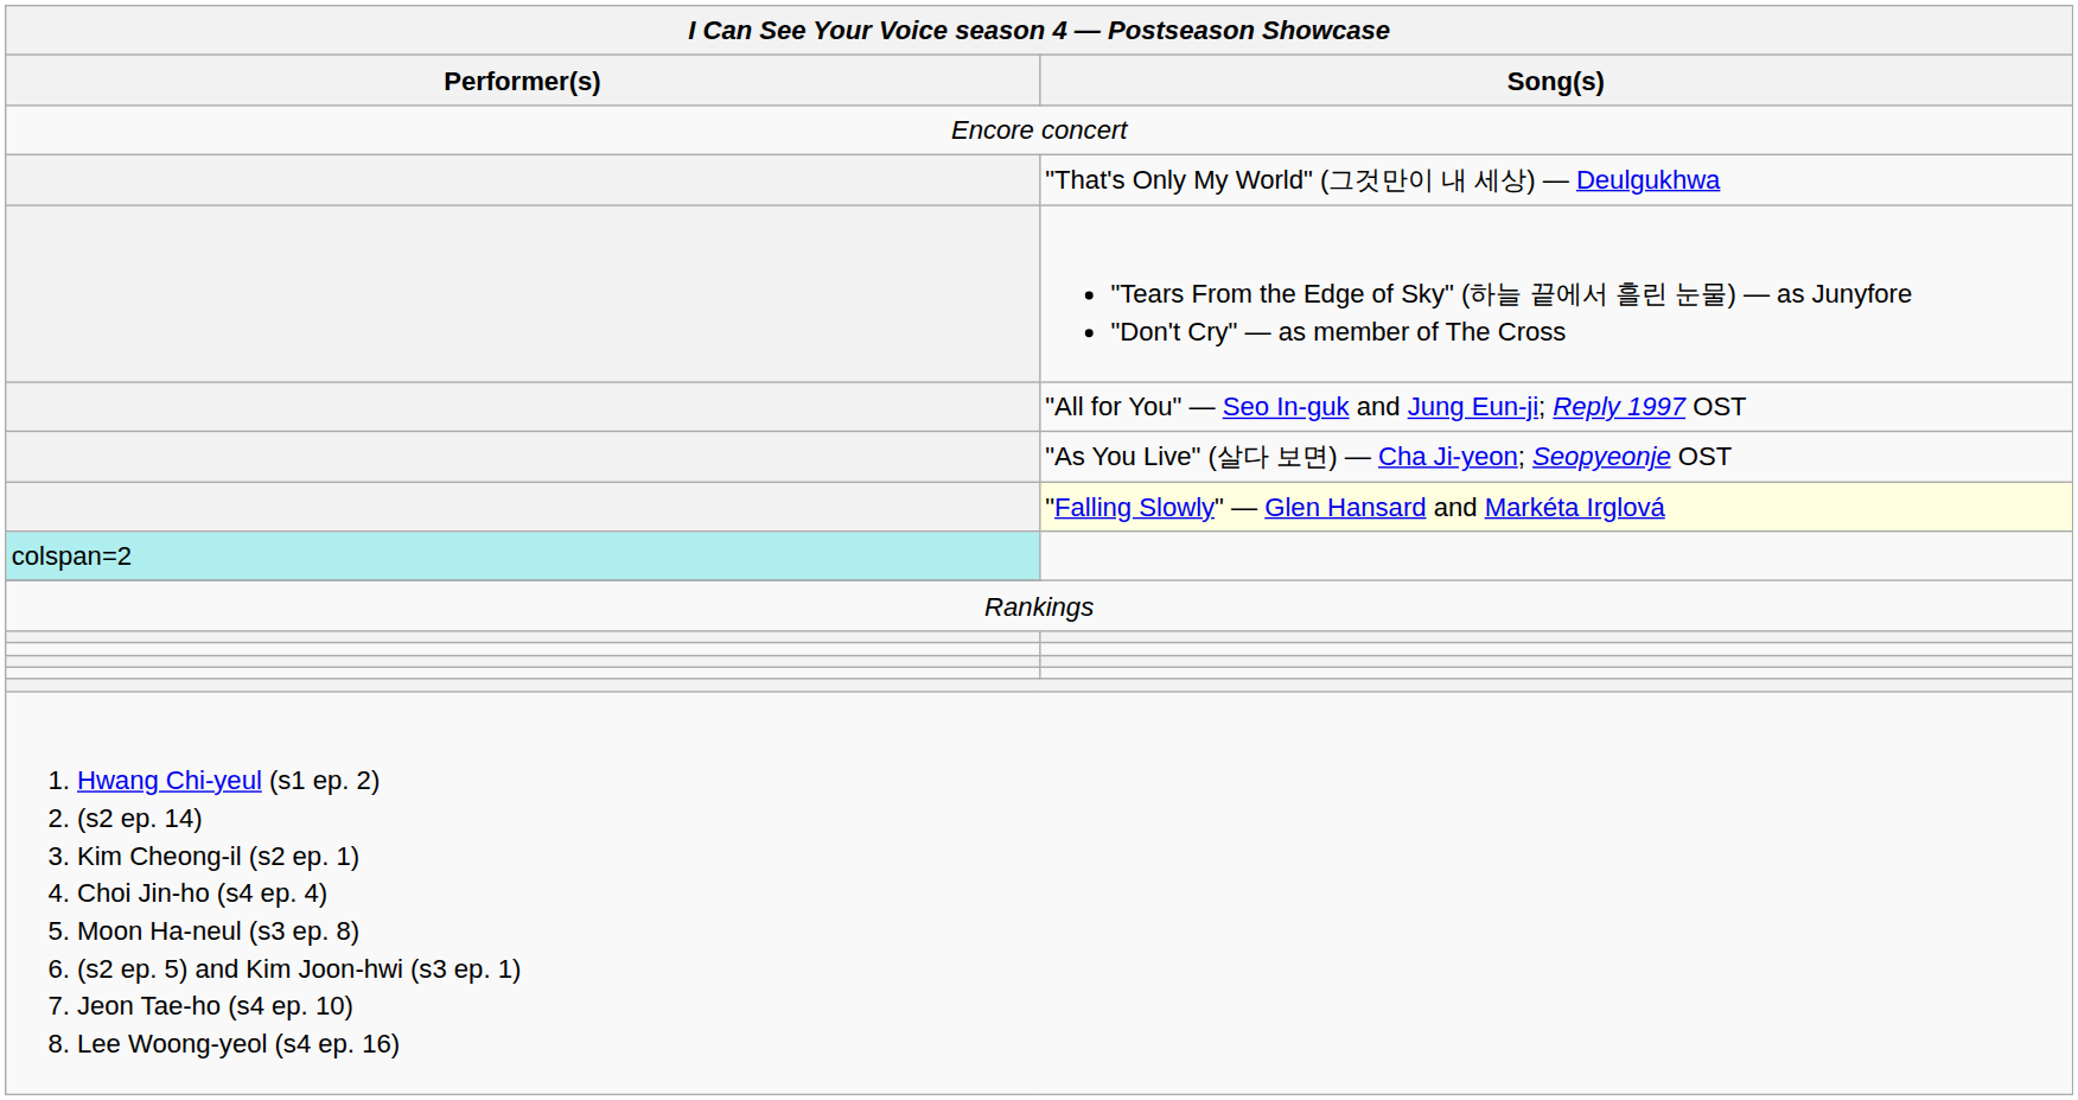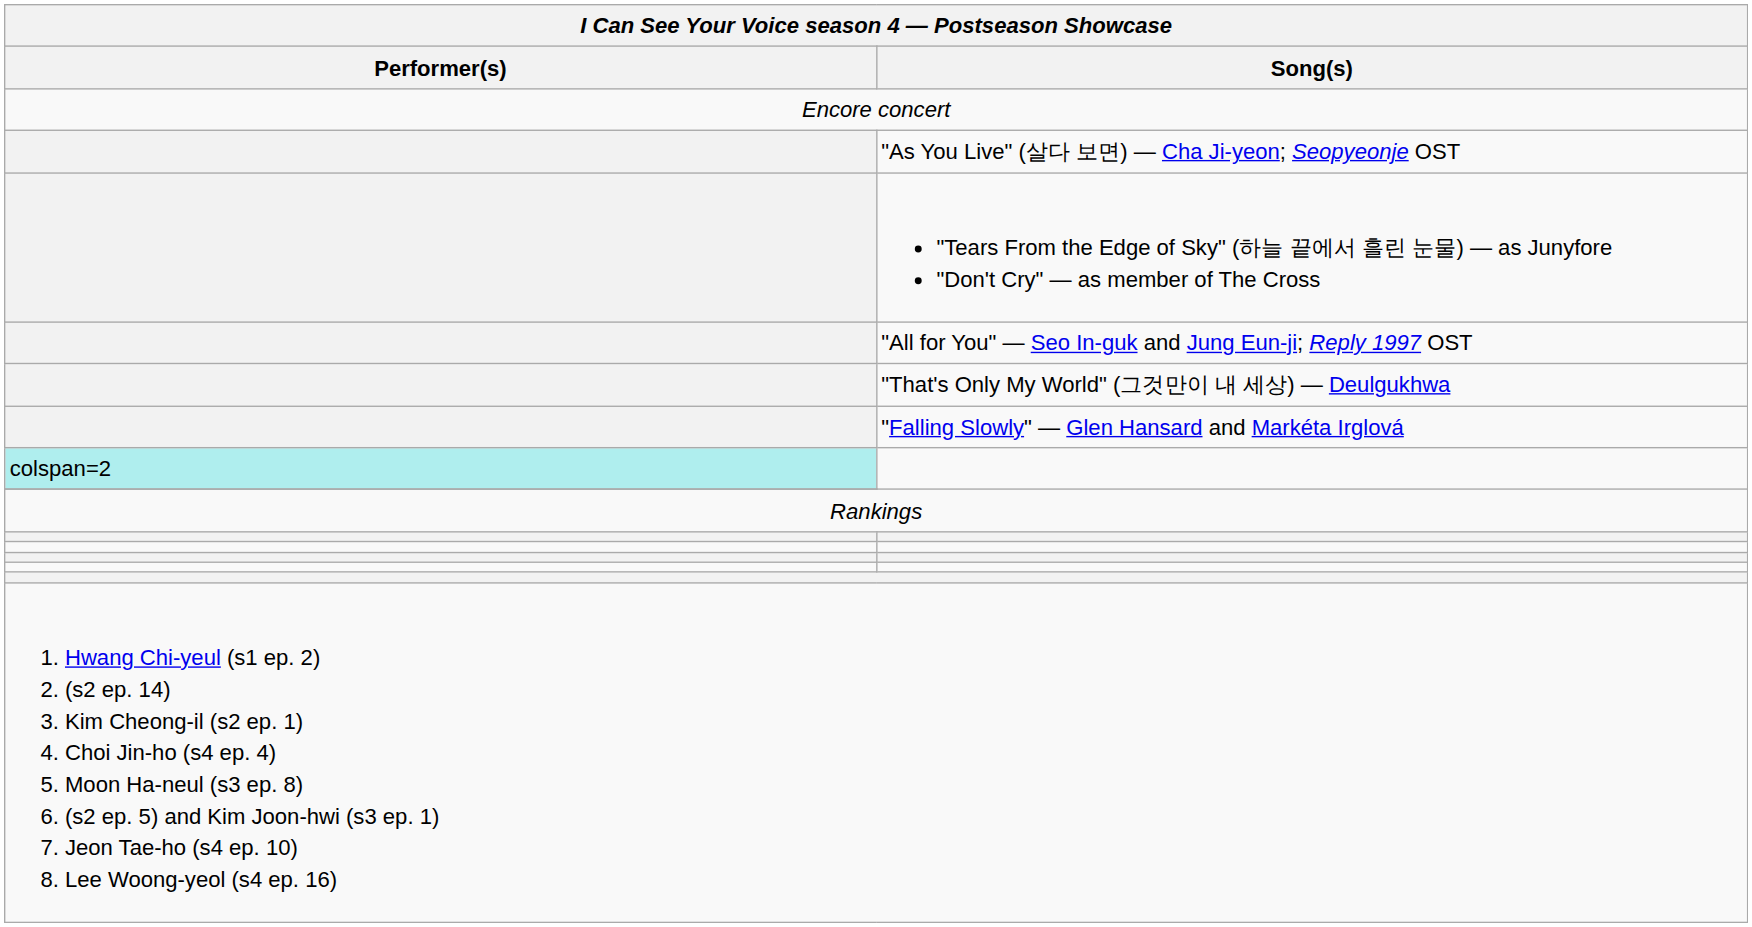 <table class="wikitable plainrowheaders mw-collapsible" style="line-height:23px; width:100%;">
 <tr>
 <th colspan=2><em>I Can See Your Voice season 4 — Postseason Showcase</em></th>
 </tr>
 <tr>
 <th width=50%>Performer(s)</th>
 <th width=50%>Song(s)</th>
 </tr>
 <tr style="text-align:center;">
 <td colspan=2><em>Encore concert</em></td>
 </tr>
 <tr>
 <th></th>
-<td>"That's Only My World" (그것만이 내 세상) — <a href='#'>Deulgukhwa</a></td>
+<td>"As You Live" (살다 보면) — <a href='#'>Cha Ji-yeon</a>; <em><a href='#'>Seopyeonje</a></em> OST</td>
 </tr>
 <tr>
 <th></th>
 <td><br><ul><li>"Tears From the Edge of Sky" (하늘 끝에서 흘린 눈물) — as Junyfore</li><li>"Don't Cry" — as member of The Cross</li></ul></td>
 </tr>
 <tr>
 <th></th>
 <td>"All for You" — <a href='#'>Seo In-guk</a> and <a href='#'>Jung Eun-ji</a>; <em><a href='#'>Reply 1997</a></em> OST</td>
 </tr>
 <tr>
 <th></th>
-<td>"As You Live" (살다 보면) — <a href='#'>Cha Ji-yeon</a>; <em><a href='#'>Seopyeonje</a></em> OST</td>
+<td>"That's Only My World" (그것만이 내 세상) — <a href='#'>Deulgukhwa</a></td>
 </tr>
 <tr>
 <th></th>
-<td style="background: lightyellow;">"<a href='#'>Falling Slowly</a>" — <a href='#'>Glen Hansard</a> and <a href='#'>Markéta Irglová</a></td>
+<td>"<a href='#'>Falling Slowly</a>" — <a href='#'>Glen Hansard</a> and <a href='#'>Markéta Irglová</a></td>
 </tr>
 <tr>
 <td style="background: paleturquoise;">colspan=2 </td>
 </tr>
 <tr>
 </tr>
 <tr style="text-align:center;">
 <td colspan=2><em>Rankings</em></td>
 </tr>
 <tr>
 <th></th>
 <th></th>
 </tr>
 <tr>
 <td></td>
 <td></td>
 </tr>
 <tr>
 <th></th>
 <th></th>
 </tr>
 <tr>
 <td></td>
 <td></td>
 </tr>
 <tr>
 <th colspan=2></th>
 </tr>
 <tr>
 <td colspan=2><br><ol><li><a href='#'>Hwang Chi-yeul</a> (s1 ep. 2)</li><li> (s2 ep. 14)</li><li>Kim Cheong-il (s2 ep. 1)</li><li>Choi Jin-ho (s4 ep. 4)</li><li>Moon Ha-neul (s3 ep. 8)</li><li> (s2 ep. 5) and Kim Joon-hwi (s3 ep. 1)</li><li>Jeon Tae-ho (s4 ep. 10)</li><li>Lee Woong-yeol (s4 ep. 16)</li></ol></td>
 </tr>
 </table>
